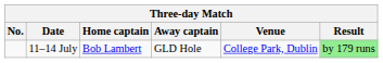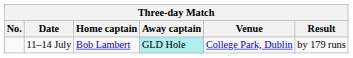 <table class="wikitable">
 <tr>
 <th colspan="9">Three-day Match</th>
 </tr>
 <tr>
 <th>No.</th>
 <th>Date</th>
 <th>Home captain</th>
 <th>Away captain</th>
 <th>Venue</th>
 <th>Result</th>
 </tr>
 <tr>
 <td></td>
 <td>11–14 July</td>
 <td><a href='#'>Bob Lambert</a></td>
-<td>GLD Hole</td>
+<td style="background: paleturquoise;">GLD Hole</td>
 <td><a href='#'>College Park, Dublin</a></td>
-<td style="background: lightgreen;"> by 179 runs</td>
+<td> by 179 runs</td>
 </tr>
 </table>
